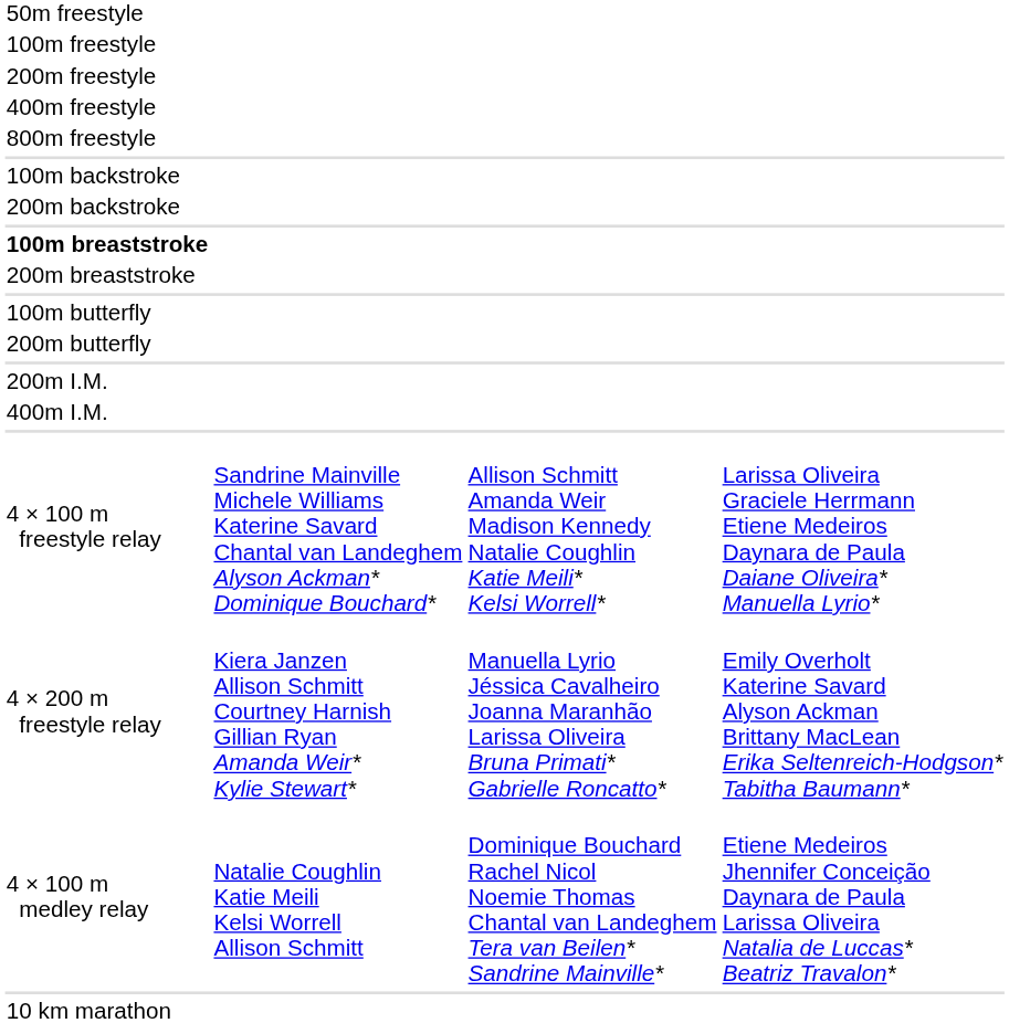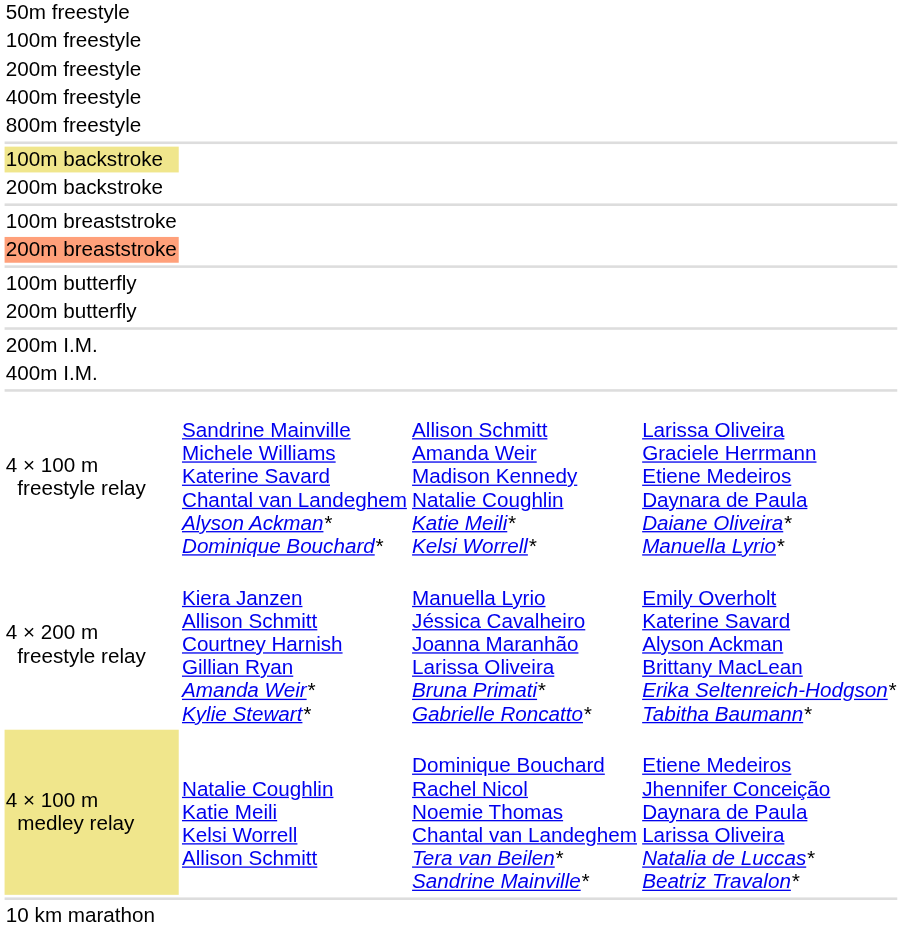 <table>
 <tr>
 <td>50m freestyle <br></td>
 <td></td>
 <td></td>
 <td></td>
 </tr>
 <tr>
 <td>100m freestyle <br></td>
 <td></td>
 <td></td>
 <td></td>
 </tr>
 <tr>
 <td>200m freestyle <br></td>
 <td></td>
 <td></td>
 <td></td>
 </tr>
 <tr>
 <td>400m freestyle <br></td>
 <td></td>
 <td></td>
 <td></td>
 </tr>
 <tr>
 <td>800m freestyle <br></td>
 <td></td>
 <td></td>
 <td></td>
 </tr>
 <tr bgcolor=#DDDDDD>
 <td colspan=7></td>
 </tr>
 <tr>
-<td>100m backstroke <br></td>
+<td style="background: khaki;">100m backstroke <br></td>
 <td></td>
 <td></td>
 <td></td>
 </tr>
 <tr>
 <td>200m backstroke <br></td>
 <td></td>
 <td></td>
 <td></td>
 </tr>
 <tr bgcolor=#DDDDDD>
 <td colspan=7></td>
 </tr>
 <tr>
-<td><strong>100m breaststroke <br></strong></td>
+<td>100m breaststroke <br></td>
 <td></td>
 <td></td>
 <td></td>
 </tr>
 <tr>
-<td>200m breaststroke <br></td>
+<td style="background: lightsalmon;">200m breaststroke <br></td>
 <td></td>
 <td></td>
 <td></td>
 </tr>
 <tr bgcolor=#DDDDDD>
 <td colspan=7></td>
 </tr>
 <tr>
 <td>100m butterfly <br></td>
 <td></td>
 <td></td>
 <td></td>
 </tr>
 <tr>
 <td>200m butterfly <br></td>
 <td></td>
 <td></td>
 <td></td>
 </tr>
 <tr bgcolor=#DDDDDD>
 <td colspan=7></td>
 </tr>
 <tr>
 <td>200m I.M. <br></td>
 <td></td>
 <td></td>
 <td></td>
 </tr>
 <tr>
 <td>400m I.M. <br></td>
 <td></td>
 <td></td>
 <td></td>
 </tr>
 <tr bgcolor=#DDDDDD>
 <td colspan=7></td>
 </tr>
 <tr>
 <td>4 × 100 m  <br>  freestyle relay <br></td>
 <td><br><a href='#'>Sandrine Mainville</a> <br><a href='#'>Michele Williams</a><br><a href='#'>Katerine Savard</a><br><a href='#'>Chantal van Landeghem</a><br><em><a href='#'>Alyson Ackman</a>*</em><br><em><a href='#'>Dominique Bouchard</a>*</em></td>
 <td><br><a href='#'>Allison Schmitt</a> <br><a href='#'>Amanda Weir</a><br><a href='#'>Madison Kennedy</a><br><a href='#'>Natalie Coughlin</a><br><em><a href='#'>Katie Meili</a>*</em><br><em><a href='#'>Kelsi Worrell</a>*</em></td>
 <td><br><a href='#'>Larissa Oliveira</a><br><a href='#'>Graciele Herrmann</a><br><a href='#'>Etiene Medeiros</a><br><a href='#'>Daynara de Paula</a><br><em><a href='#'>Daiane Oliveira</a>*</em><br><em><a href='#'>Manuella Lyrio</a>*</em></td>
 </tr>
 <tr>
 <td>4 × 200 m <br>  freestyle relay <br></td>
 <td><br><a href='#'>Kiera Janzen</a> <br><a href='#'>Allison Schmitt</a><br><a href='#'>Courtney Harnish</a><br><a href='#'>Gillian Ryan</a><br><em><a href='#'>Amanda Weir</a>*</em><br><em><a href='#'>Kylie Stewart</a>*</em></td>
 <td><br><a href='#'>Manuella Lyrio</a><br><a href='#'>Jéssica Cavalheiro</a><br><a href='#'>Joanna Maranhão</a><br><a href='#'>Larissa Oliveira</a><br><em><a href='#'>Bruna Primati</a>*</em><br><em><a href='#'>Gabrielle Roncatto</a>*</em></td>
 <td><br><a href='#'>Emily Overholt</a> <br><a href='#'>Katerine Savard</a><br><a href='#'>Alyson Ackman</a><br><a href='#'>Brittany MacLean</a><br><em><a href='#'>Erika Seltenreich-Hodgson</a>*</em><br><em><a href='#'>Tabitha Baumann</a>*</em></td>
 </tr>
 <tr>
-<td>4 × 100 m <br>  medley relay <br></td>
+<td style="background: khaki;">4 × 100 m <br>  medley relay <br></td>
 <td><br><a href='#'>Natalie Coughlin</a> <br><a href='#'>Katie Meili</a><br><a href='#'>Kelsi Worrell</a><br><a href='#'>Allison Schmitt</a></td>
 <td><br><a href='#'>Dominique Bouchard</a> <br><a href='#'>Rachel Nicol</a><br><a href='#'>Noemie Thomas</a><br><a href='#'>Chantal van Landeghem</a><br><em><a href='#'>Tera van Beilen</a>*</em><br><em><a href='#'>Sandrine Mainville</a>*</em></td>
 <td><br><a href='#'>Etiene Medeiros</a><br><a href='#'>Jhennifer Conceição</a><br><a href='#'>Daynara de Paula</a><br><a href='#'>Larissa Oliveira</a><br><em><a href='#'>Natalia de Luccas</a>*</em><br><em><a href='#'>Beatriz Travalon</a>*</em></td>
 </tr>
 <tr bgcolor=#DDDDDD>
 <td colspan=7></td>
 </tr>
 <tr>
 <td>10 km marathon <br></td>
 <td></td>
 <td></td>
 <td></td>
 </tr>
 </table>
